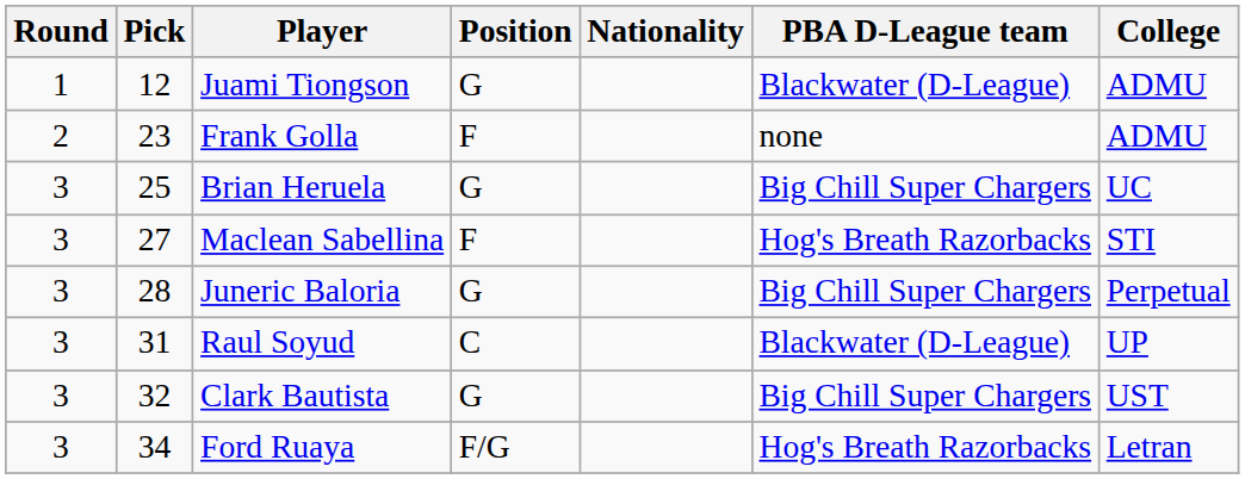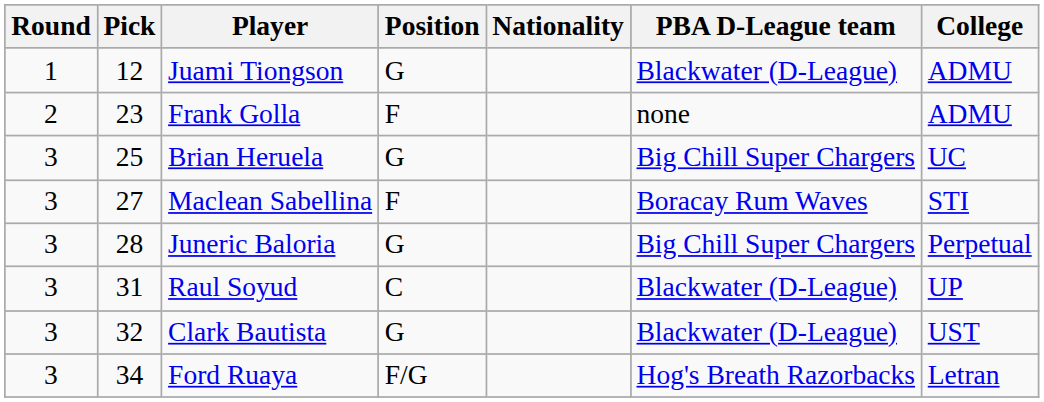 <table class="wikitable sortable sortable">
 <tr>
 <th>Round</th>
 <th>Pick</th>
 <th>Player</th>
 <th>Position</th>
 <th>Nationality</th>
 <th>PBA D-League team</th>
 <th>College</th>
 </tr>
 <tr>
 <td align=center>1</td>
 <td align=center>12</td>
 <td><a href='#'>Juami Tiongson</a></td>
 <td>G</td>
 <td></td>
 <td><a href='#'>Blackwater (D-League)</a></td>
 <td><a href='#'>ADMU</a></td>
 </tr>
 <tr>
 <td align=center>2</td>
 <td align=center>23</td>
 <td><a href='#'>Frank Golla</a></td>
 <td>F</td>
 <td></td>
 <td>none</td>
 <td><a href='#'>ADMU</a></td>
 </tr>
 <tr>
 <td align=center>3</td>
 <td align=center>25</td>
 <td><a href='#'>Brian Heruela</a></td>
 <td>G</td>
 <td></td>
 <td><a href='#'>Big Chill Super Chargers</a></td>
 <td><a href='#'>UC</a></td>
 </tr>
 <tr>
 <td align=center>3</td>
 <td align=center>27</td>
 <td><a href='#'>Maclean Sabellina</a></td>
 <td>F</td>
 <td></td>
-<td><a href='#'>Hog's Breath Razorbacks</a></td>
+<td><a href='#'>Boracay Rum Waves</a></td>
 <td><a href='#'>STI</a></td>
 </tr>
 <tr>
 <td align=center>3</td>
 <td align=center>28</td>
 <td><a href='#'>Juneric Baloria</a></td>
 <td>G</td>
 <td></td>
 <td><a href='#'>Big Chill Super Chargers</a></td>
 <td><a href='#'>Perpetual</a></td>
 </tr>
 <tr>
 <td align=center>3</td>
 <td align=center>31</td>
 <td><a href='#'>Raul Soyud</a></td>
 <td>C</td>
 <td></td>
 <td><a href='#'>Blackwater (D-League)</a></td>
 <td><a href='#'>UP</a></td>
 </tr>
 <tr>
 <td align=center>3</td>
 <td align=center>32</td>
 <td><a href='#'>Clark Bautista</a></td>
 <td>G</td>
 <td></td>
-<td><a href='#'>Big Chill Super Chargers</a></td>
+<td><a href='#'>Blackwater (D-League)</a></td>
 <td><a href='#'>UST</a></td>
 </tr>
 <tr>
 <td align=center>3</td>
 <td align=center>34</td>
 <td><a href='#'>Ford Ruaya</a></td>
 <td>F/G</td>
 <td></td>
 <td><a href='#'>Hog's Breath Razorbacks</a></td>
 <td><a href='#'>Letran</a></td>
 </tr>
 </table>
